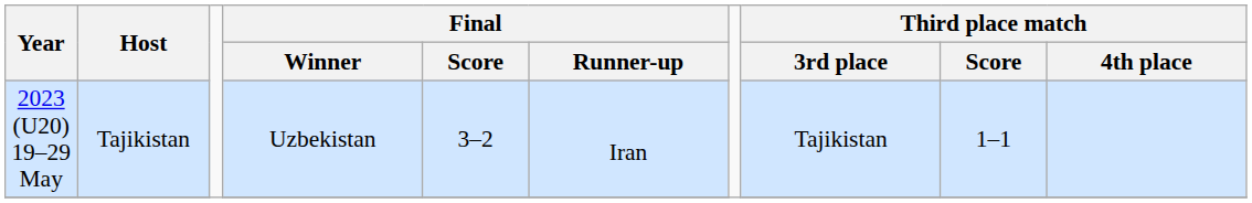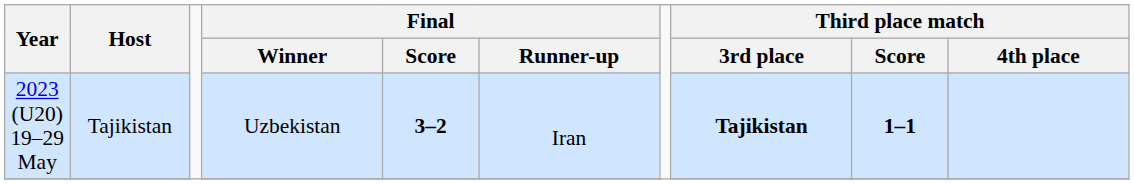 <table class="wikitable" style="font- size:90%; width: 95%; text-align: center;">
 <tr>
 <th rowspan=2 width=5%>Year</th>
 <th rowspan=2 width=10%>Host</th>
 <td width=1% rowspan=6></td>
 <th colspan=3>Final</th>
 <td width=1% rowspan=6></td>
 <th colspan=3>Third place match</th>
 </tr>
 <tr>
 <th width=15%>Winner</th>
 <th width=8%>Score</th>
 <th width=15%>Runner-up</th>
 <th width=15%>3rd place</th>
 <th width=8%>Score</th>
 <th width=15%>4th place</th>
 </tr>
 <tr style="background: #D0E6FF;">
 <td><a href='#'>2023</a><br>(U20) 19–29 May</td>
 <td>Tajikistan</td>
 <td>Uzbekistan</td>
-<td>3–2</td>
+<td><strong>3–2</strong></td>
 <td><br>Iran</td>
-<td>Tajikistan</td>
-<td>1–1</td>
+<td><strong>Tajikistan</strong></td>
+<td><strong>1–1</strong></td>
 <td></td>
 </tr>
 <tr>
 </tr>
 </table>
